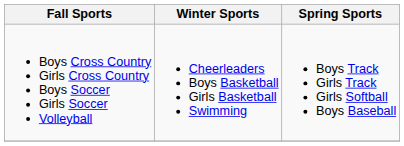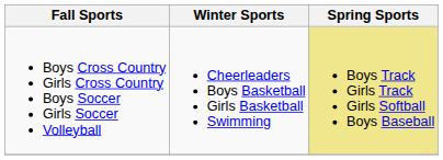 <table class="wikitable">
 <tr>
 <th>Fall Sports</th>
 <th>Winter Sports</th>
 <th>Spring Sports</th>
 </tr>
 <tr>
 <td><br><ul><li>Boys <a href='#'>Cross Country</a></li><li>Girls <a href='#'>Cross Country</a></li><li>Boys <a href='#'>Soccer</a></li><li>Girls <a href='#'>Soccer</a></li><li><a href='#'>Volleyball</a></li></ul></td>
 <td><br><ul><li><a href='#'>Cheerleaders</a></li><li>Boys <a href='#'>Basketball</a></li><li>Girls <a href='#'>Basketball</a></li><li><a href='#'>Swimming</a></li></ul></td>
-<td><br><ul><li>Boys <a href='#'>Track</a></li><li>Girls <a href='#'>Track</a></li><li>Girls <a href='#'>Softball</a></li><li>Boys <a href='#'>Baseball</a></li></ul></td>
+<td style="background: khaki;"><br><ul><li>Boys <a href='#'>Track</a></li><li>Girls <a href='#'>Track</a></li><li>Girls <a href='#'>Softball</a></li><li>Boys <a href='#'>Baseball</a></li></ul></td>
 </tr>
 <tr>
 </tr>
 </table>
